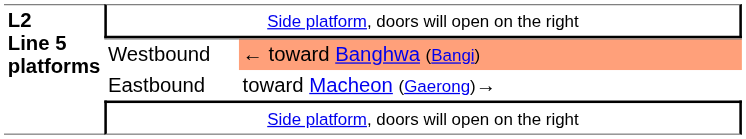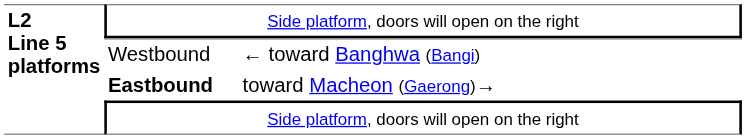 <table table border=0 cellspacing=0 cellpadding=3>
 <tr>
 <td style="border-top:solid 1px gray;border-bottom:solid 1px gray;" width=50 rowspan=10 valign=top><strong>L2<br>Line 5 platforms</strong></td>
 <td style="border-top:solid 1px gray;border-right:solid 2px black;border-left:solid 2px black;border-bottom:solid 2px black;text-align:center;" colspan=2><small><a href='#'>Side platform</a>, doors will open on the right</small></td>
 </tr>
 <tr>
 <td style="border-bottom:solid 0px gray;border-top:solid 1px gray;" width=100>Westbound</td>
-<td style="background: lightsalmon; border-bottom:solid 0px gray;border-top:solid 1px gray;" width=390>←  toward <a href='#'>Banghwa</a> <small>(<a href='#'>Bangi</a>)</small></td>
+<td style="border-bottom:solid 0px gray;border-top:solid 1px gray;" width=390>←  toward <a href='#'>Banghwa</a> <small>(<a href='#'>Bangi</a>)</small></td>
 </tr>
 <tr>
-<td>Eastbound</td>
+<td><strong>Eastbound</strong></td>
 <td>  toward <a href='#'>Macheon</a> <small>(<a href='#'>Gaerong</a>)</small>→</td>
 </tr>
 <tr>
 <td style="border-top:solid 2px black;border-right:solid 2px black;border-left:solid 2px black;border-bottom:solid 1px gray;text-align:center;" colspan=2><small><a href='#'>Side platform</a>, doors will open on the right</small></td>
 </tr>
 </table>
